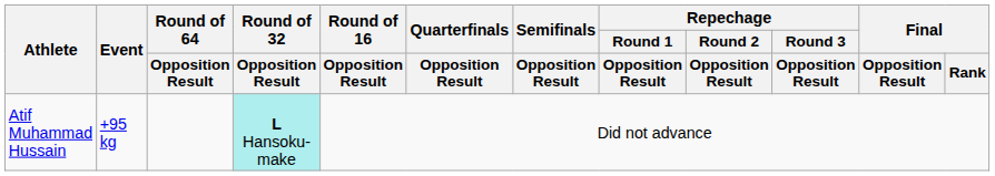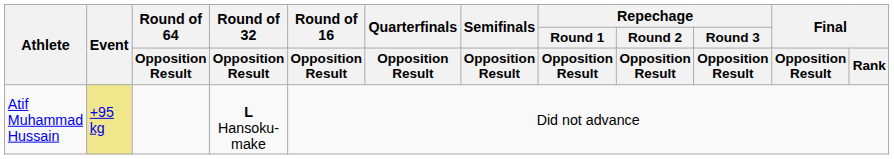 <table class="wikitable" style="font-size:90%">
 <tr>
 <th rowspan="3">Athlete</th>
 <th rowspan="3">Event</th>
 <th rowspan="2">Round of 64</th>
 <th rowspan="2">Round of 32</th>
 <th rowspan="2">Round of 16</th>
 <th rowspan="2">Quarterfinals</th>
 <th rowspan="2">Semifinals</th>
 <th colspan=3>Repechage</th>
 <th rowspan="2" colspan=2>Final</th>
 </tr>
 <tr style="font-size:95%">
 <th>Round 1</th>
 <th>Round 2</th>
 <th>Round 3</th>
 </tr>
 <tr style="font-size:95%">
 <th>Opposition<br>Result</th>
 <th>Opposition<br>Result</th>
 <th>Opposition<br>Result</th>
 <th>Opposition<br>Result</th>
 <th>Opposition<br>Result</th>
 <th>Opposition<br>Result</th>
 <th>Opposition<br>Result</th>
 <th>Opposition<br>Result</th>
 <th>Opposition<br>Result</th>
 <th>Rank</th>
 </tr>
 <tr align=center>
 <td align=left><a href='#'>Atif Muhammad Hussain</a></td>
-<td align=left><a href='#'>+95 kg</a></td>
+<td align=left style="background: khaki;"><a href='#'>+95 kg</a></td>
 <td></td>
-<td style="background: paleturquoise;"><br><strong>L</strong> Hansoku-make</td>
+<td><br><strong>L</strong> Hansoku-make</td>
 <td colspan=8>Did not advance</td>
 </tr>
 </table>
